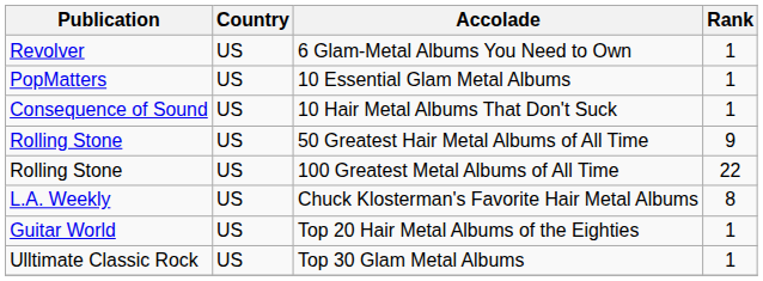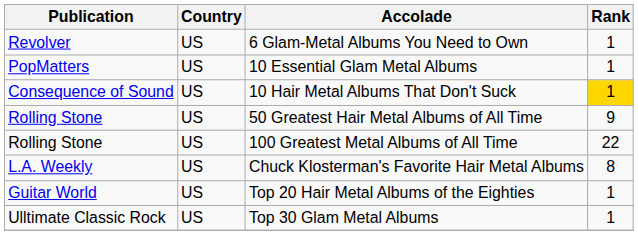 <table class="wikitable">
 <tr>
 <th>Publication</th>
 <th>Country</th>
 <th>Accolade</th>
 <th>Rank</th>
 </tr>
 <tr>
 <td><a href='#'>Revolver</a></td>
 <td>US</td>
 <td>6 Glam-Metal Albums You Need to Own</td>
 <td align="center">1</td>
 </tr>
 <tr>
 <td><a href='#'>PopMatters</a></td>
 <td>US</td>
 <td>10 Essential Glam Metal Albums</td>
 <td align="center">1</td>
 </tr>
 <tr>
 <td><a href='#'>Consequence of Sound</a></td>
 <td>US</td>
 <td>10 Hair Metal Albums That Don't Suck</td>
-<td align="center">1</td>
+<td align="center" style="background: gold;">1</td>
 </tr>
 <tr>
 <td><a href='#'>Rolling Stone</a></td>
 <td>US</td>
 <td>50 Greatest Hair Metal Albums of All Time</td>
 <td align="center">9</td>
 </tr>
 <tr>
 <td>Rolling Stone</td>
 <td>US</td>
 <td>100 Greatest Metal Albums of All Time</td>
 <td align="center">22</td>
 </tr>
 <tr>
 <td><a href='#'>L.A. Weekly</a></td>
 <td>US</td>
 <td>Chuck Klosterman's Favorite Hair Metal Albums</td>
 <td align="center">8</td>
 </tr>
 <tr>
 <td><a href='#'>Guitar World</a></td>
 <td>US</td>
 <td>Top 20 Hair Metal Albums of the Eighties</td>
 <td align="center">1</td>
 </tr>
 <tr>
 <td>Ulltimate Classic Rock</td>
 <td>US</td>
 <td>Top 30 Glam Metal Albums</td>
 <td align="center">1</td>
 </tr>
 <tr>
 </tr>
 </table>
